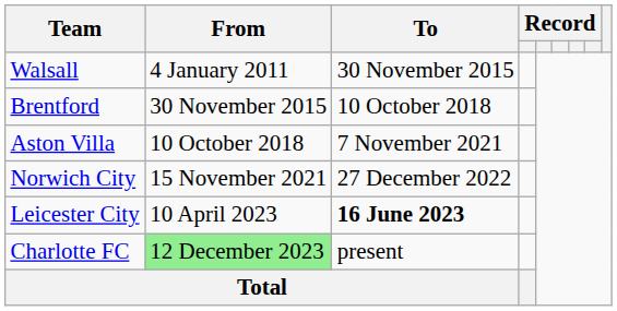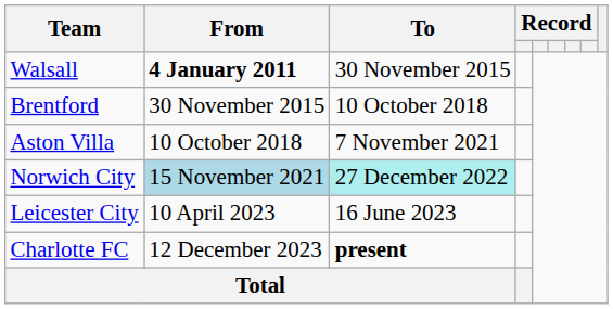 <table class=wikitable style="text-align: center">
 <tr>
 <th rowspan="2">Team</th>
 <th rowspan="2">From</th>
 <th rowspan="2">To</th>
 <th colspan="5">Record</th>
 <th rowspan="2"></th>
 </tr>
 <tr>
 <th></th>
 <th></th>
 <th></th>
 <th></th>
 <th></th>
 </tr>
 <tr>
 <td align=left><a href='#'>Walsall</a></td>
-<td align=left>4 January 2011</td>
+<td align=left><strong>4 January 2011</strong></td>
 <td align=left>30 November 2015<br></td>
 <td></td>
 </tr>
 <tr>
 <td align=left><a href='#'>Brentford</a></td>
 <td align=left>30 November 2015</td>
 <td align=left>10 October 2018<br></td>
 <td></td>
 </tr>
 <tr>
 <td align=left><a href='#'>Aston Villa</a></td>
 <td align=left>10 October 2018</td>
 <td align=left>7 November 2021<br></td>
 <td></td>
 </tr>
 <tr>
 <td align=left><a href='#'>Norwich City</a></td>
-<td align=left>15 November 2021</td>
-<td align=left>27 December 2022<br></td>
+<td align=left style="background: lightblue;">15 November 2021</td>
+<td align=left style="background: paleturquoise;">27 December 2022<br></td>
 <td></td>
 </tr>
 <tr>
 <td align=left><a href='#'>Leicester City</a></td>
 <td align=left>10 April 2023</td>
-<td align=left><strong>16 June 2023<br></strong></td>
+<td align=left>16 June 2023<br></td>
 <td></td>
 </tr>
 <tr>
 <td align=left><a href='#'>Charlotte FC</a></td>
-<td align=left style="background: lightgreen;">12 December 2023</td>
-<td align=left>present<br></td>
+<td align=left>12 December 2023</td>
+<td align=left><strong>present<br></strong></td>
 <td></td>
 </tr>
 <tr>
 <th colspan="3">Total<br></th>
 <th></th>
 </tr>
 </table>
